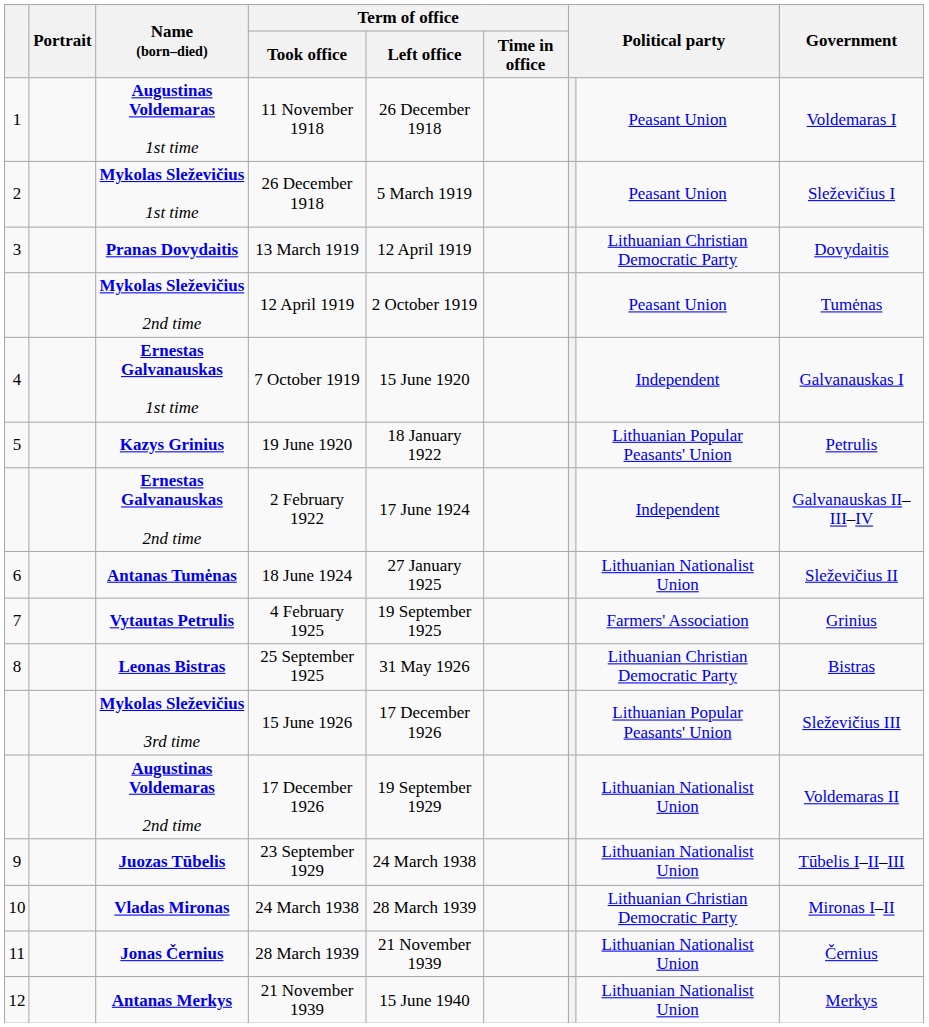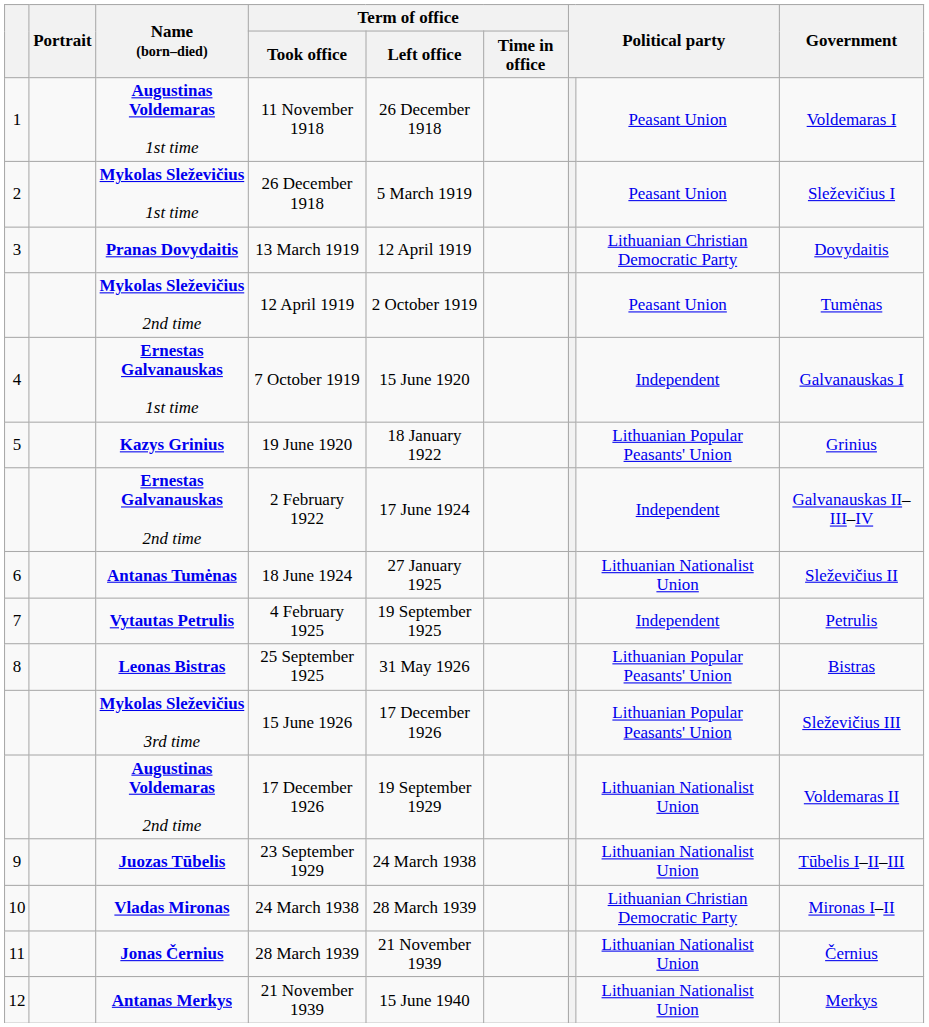 <table class="wikitable" style="text-align:center;">
 <tr>
 <th rowspan=2></th>
 <th rowspan=2>Portrait</th>
 <th rowspan=2>Name<br><small>(born–died)</small></th>
 <th colspan=3>Term of office</th>
 <th colspan=2 rowspan=2>Political party</th>
 <th rowspan=2>Government</th>
 </tr>
 <tr>
 <th>Took office</th>
 <th>Left office</th>
 <th>Time in office</th>
 </tr>
 <tr>
 <td>1</td>
 <td></td>
 <td><strong><a href='#'>Augustinas Voldemaras</a></strong><br><br><em>1st time</em></td>
 <td>11 November 1918</td>
 <td>26 December 1918</td>
 <td></td>
 <th style="background:"></th>
 <td><a href='#'>Peasant Union</a></td>
 <td><a href='#'>Voldemaras I</a></td>
 </tr>
 <tr>
 <td>2</td>
 <td></td>
 <td><strong><a href='#'>Mykolas Sleževičius</a></strong><br><br><em>1st time</em></td>
 <td>26 December 1918</td>
 <td>5 March 1919</td>
 <td></td>
 <th style="background:"></th>
 <td><a href='#'>Peasant Union</a></td>
 <td><a href='#'>Sleževičius I</a></td>
 </tr>
 <tr>
 <td>3</td>
 <td></td>
 <td><strong><a href='#'>Pranas Dovydaitis</a></strong><br></td>
 <td>13 March 1919</td>
 <td>12 April 1919</td>
 <td></td>
 <th style="background:"></th>
 <td><a href='#'>Lithuanian Christian Democratic Party</a></td>
 <td><a href='#'>Dovydaitis</a></td>
 </tr>
 <tr>
 <td></td>
 <td></td>
 <td><strong><a href='#'>Mykolas Sleževičius</a></strong><br><br><em>2nd time</em></td>
 <td>12 April 1919</td>
 <td>2 October 1919</td>
 <td></td>
 <th style="background:"></th>
 <td><a href='#'>Peasant Union</a></td>
 <td><a href='#'>Tumėnas</a></td>
 </tr>
 <tr>
 <td>4</td>
 <td></td>
 <td><strong><a href='#'>Ernestas Galvanauskas</a></strong><br><br><em>1st time</em></td>
 <td>7 October 1919</td>
 <td>15 June 1920</td>
 <td></td>
 <th style="background:"></th>
 <td><a href='#'>Independent</a></td>
 <td><a href='#'>Galvanauskas I</a></td>
 </tr>
 <tr>
 <td>5</td>
 <td></td>
 <td><strong><a href='#'>Kazys Grinius</a></strong><br></td>
 <td>19 June 1920</td>
 <td>18 January 1922</td>
 <td></td>
 <th style="background:"></th>
 <td><a href='#'>Lithuanian Popular Peasants' Union</a></td>
-<td><a href='#'>Petrulis</a></td>
+<td><a href='#'>Grinius</a></td>
 </tr>
 <tr>
 <td></td>
 <td></td>
 <td><strong><a href='#'>Ernestas Galvanauskas</a></strong><br><br><em>2nd time</em></td>
 <td>2 February 1922</td>
 <td>17 June 1924</td>
 <td></td>
 <th style="background:"></th>
 <td><a href='#'>Independent</a></td>
 <td><a href='#'>Galvanauskas II</a>–<a href='#'>III</a>–<a href='#'>IV</a></td>
 </tr>
 <tr>
 <td>6</td>
 <td></td>
 <td><strong><a href='#'>Antanas Tumėnas</a></strong><br></td>
 <td>18 June 1924</td>
 <td>27 January 1925</td>
 <td></td>
 <th style="background:"></th>
 <td><a href='#'>Lithuanian Nationalist Union</a></td>
 <td><a href='#'>Sleževičius II</a></td>
 </tr>
 <tr>
 <td>7</td>
 <td></td>
 <td><strong><a href='#'>Vytautas Petrulis</a></strong><br></td>
 <td>4 February 1925</td>
 <td>19 September 1925</td>
 <td></td>
 <th style="background:"></th>
-<td><a href='#'>Farmers' Association</a></td>
-<td><a href='#'>Grinius</a></td>
+<td><a href='#'>Independent</a></td>
+<td><a href='#'>Petrulis</a></td>
 </tr>
 <tr>
 <td>8</td>
 <td></td>
 <td><strong><a href='#'>Leonas Bistras</a></strong><br></td>
 <td>25 September 1925</td>
 <td>31 May 1926</td>
 <td></td>
 <th style="background:"></th>
-<td><a href='#'>Lithuanian Christian Democratic Party</a></td>
+<td><a href='#'>Lithuanian Popular Peasants' Union</a></td>
 <td><a href='#'>Bistras</a></td>
 </tr>
 <tr>
 <td></td>
 <td></td>
 <td><strong><a href='#'>Mykolas Sleževičius</a></strong><br><br><em>3rd time</em></td>
 <td>15 June 1926</td>
 <td>17 December 1926</td>
 <td></td>
 <th style="background:"></th>
 <td><a href='#'>Lithuanian Popular Peasants' Union</a></td>
 <td><a href='#'>Sleževičius III</a></td>
 </tr>
 <tr>
 <td></td>
 <td></td>
 <td><strong><a href='#'>Augustinas Voldemaras</a></strong><br><br><em>2nd time</em></td>
 <td>17 December 1926</td>
 <td>19 September 1929</td>
 <td></td>
 <th style="background:"></th>
 <td><a href='#'>Lithuanian Nationalist Union</a></td>
 <td><a href='#'>Voldemaras II</a></td>
 </tr>
 <tr>
 <td>9</td>
 <td></td>
 <td><strong><a href='#'>Juozas Tūbelis</a></strong><br></td>
 <td>23 September 1929</td>
 <td>24 March 1938</td>
 <td></td>
 <th style="background:"></th>
 <td><a href='#'>Lithuanian Nationalist Union</a></td>
 <td><a href='#'>Tūbelis I</a>–<a href='#'>II</a>–<a href='#'>III</a></td>
 </tr>
 <tr>
 <td>10</td>
 <td></td>
 <td><strong><a href='#'>Vladas Mironas</a></strong><br></td>
 <td>24 March 1938</td>
 <td>28 March 1939</td>
 <td></td>
 <th style="background:"></th>
 <td><a href='#'>Lithuanian Christian Democratic Party</a></td>
 <td><a href='#'>Mironas I</a>–<a href='#'>II</a></td>
 </tr>
 <tr>
 <td>11</td>
 <td></td>
 <td><strong><a href='#'>Jonas Černius</a></strong><br></td>
 <td>28 March 1939</td>
 <td>21 November 1939</td>
 <td></td>
 <th style="background:"></th>
 <td><a href='#'>Lithuanian Nationalist Union</a></td>
 <td><a href='#'>Černius</a></td>
 </tr>
 <tr>
 <td>12</td>
 <td></td>
 <td><strong><a href='#'>Antanas Merkys</a></strong><br></td>
 <td>21 November 1939</td>
 <td>15 June 1940</td>
 <td></td>
 <th style="background:"></th>
 <td><a href='#'>Lithuanian Nationalist Union</a></td>
 <td><a href='#'>Merkys</a></td>
 </tr>
 </table>
